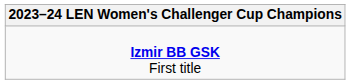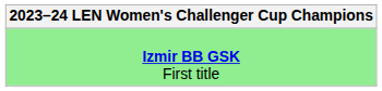 <table class=wikitable style="text-align:center; margin:auto">
 <tr>
 <th>2023–24 LEN Women's Challenger Cup Champions</th>
 </tr>
 <tr>
-<td> <br><strong><a href='#'>Izmir BB GSK</a></strong><br>First title</td>
+<td style="background: lightgreen;"> <br><strong><a href='#'>Izmir BB GSK</a></strong><br>First title</td>
 </tr>
 </table>
